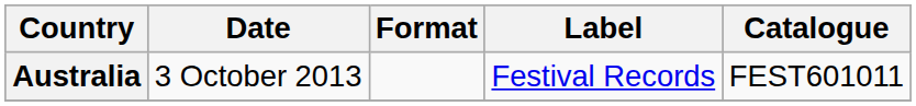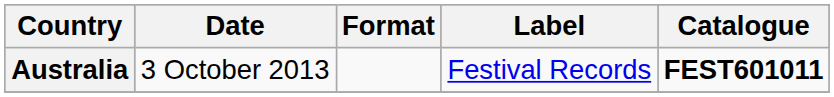 <table class="wikitable plainrowheaders">
 <tr>
 <th scope="col">Country</th>
 <th scope="col">Date</th>
 <th scope="col">Format</th>
 <th scope="col">Label</th>
 <th scope="col">Catalogue</th>
 </tr>
 <tr>
 <th scope="row">Australia</th>
 <td>3 October 2013 </td>
 <td></td>
 <td><a href='#'>Festival Records</a></td>
-<td>FEST601011</td>
+<td><strong>FEST601011</strong></td>
 </tr>
 <tr>
 </tr>
 </table>
